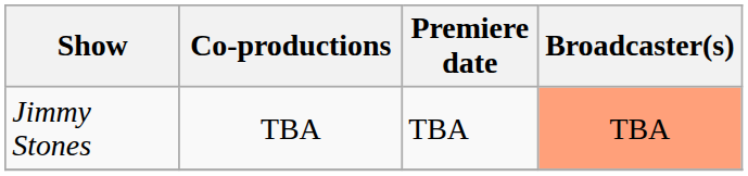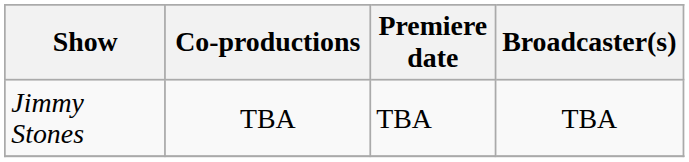 <table class="wikitable sortable">
 <tr>
 <th width=85>Show</th>
 <th width=110>Co-productions</th>
 <th width=65>Premiere date</th>
 <th width=100>Broadcaster(s)</th>
 </tr>
 <tr>
 <td style="text-align:left;"><em>Jimmy Stones</em></td>
 <td style="text-align:center;">TBA</td>
 <td align=left>TBA</td>
-<td style="background: lightsalmon; text-align:center;">TBA</td>
+<td style="text-align:center;">TBA</td>
 </tr>
 <tr>
 </tr>
 </table>
